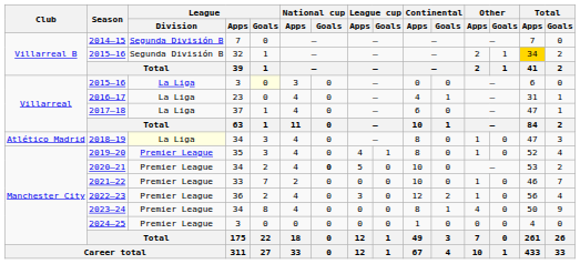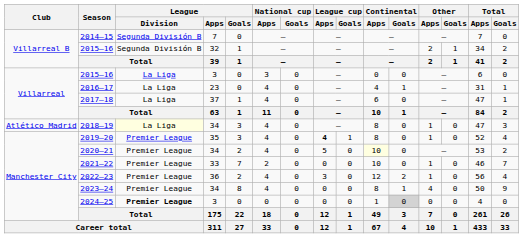 <table class="wikitable" style="text-align: center;">
 <tr>
 <th rowspan="2">Club</th>
 <th rowspan="2">Season</th>
 <th colspan="3">League</th>
 <th colspan="2">National cup</th>
 <th colspan="2">League cup</th>
 <th colspan="2">Continental</th>
 <th colspan="2">Other</th>
 <th colspan="2">Total</th>
 </tr>
 <tr>
 <th>Division</th>
 <th>Apps</th>
 <th>Goals</th>
 <th>Apps</th>
 <th>Goals</th>
 <th>Apps</th>
 <th>Goals</th>
 <th>Apps</th>
 <th>Goals</th>
 <th>Apps</th>
 <th>Goals</th>
 <th>Apps</th>
 <th>Goals</th>
 </tr>
 <tr>
 <td rowspan="3"><a href='#'>Villarreal B</a></td>
 <td><a href='#'>2014–15</a></td>
 <td><a href='#'>Segunda División B</a></td>
 <td>7</td>
 <td>0</td>
 <td colspan="2">—</td>
 <td colspan="2">—</td>
 <td colspan="2">—</td>
 <td colspan="2">—</td>
 <td>7</td>
 <td>0</td>
 </tr>
 <tr>
 <td><a href='#'>2015–16</a></td>
 <td>Segunda División B</td>
 <td>32</td>
 <td>1</td>
 <td colspan="2">—</td>
 <td colspan="2">—</td>
 <td colspan="2">—</td>
 <td>2</td>
 <td>1</td>
-<td style="background: gold;">34</td>
+<td>34</td>
 <td>2</td>
 </tr>
 <tr>
 <th colspan="2">Total</th>
 <th>39</th>
 <th>1</th>
 <th colspan="2">—</th>
 <th colspan="2">—</th>
 <th colspan="2">—</th>
 <th>2</th>
 <th>1</th>
 <th>41</th>
 <th>2</th>
 </tr>
 <tr>
 <td rowspan="4"><a href='#'>Villarreal</a></td>
 <td><a href='#'>2015–16</a></td>
 <td><a href='#'>La Liga</a></td>
 <td>3</td>
-<td style="background: lightyellow;">0</td>
+<td>0</td>
 <td>3</td>
 <td>0</td>
 <td colspan="2">—</td>
 <td>0</td>
 <td>0</td>
 <td colspan="2">—</td>
 <td>6</td>
 <td>0</td>
 </tr>
 <tr>
 <td><a href='#'>2016–17</a></td>
 <td>La Liga</td>
 <td>23</td>
 <td>0</td>
 <td>4</td>
 <td>0</td>
 <td colspan="2">—</td>
 <td>4</td>
 <td>1</td>
 <td colspan="2">—</td>
 <td>31</td>
 <td>1</td>
 </tr>
 <tr>
 <td><a href='#'>2017–18</a></td>
 <td>La Liga</td>
 <td>37</td>
 <td>1</td>
 <td>4</td>
 <td>0</td>
 <td colspan="2">—</td>
 <td>6</td>
 <td>0</td>
 <td colspan="2">—</td>
 <td>47</td>
 <td>1</td>
 </tr>
 <tr>
 <th colspan="2">Total</th>
 <th>63</th>
 <th>1</th>
 <th>11</th>
 <th>0</th>
 <th colspan="2">—</th>
 <th>10</th>
 <th>1</th>
 <th colspan="2">—</th>
 <th>84</th>
 <th>2</th>
 </tr>
 <tr>
 <td><a href='#'>Atlético Madrid</a></td>
 <td><a href='#'>2018–19</a></td>
 <td style="background: lightyellow;">La Liga</td>
 <td>34</td>
 <td>3</td>
 <td>4</td>
 <td>0</td>
 <td colspan="2">—</td>
 <td>8</td>
 <td>0</td>
 <td>1</td>
 <td>0</td>
 <td>47</td>
 <td>3</td>
 </tr>
 <tr>
 <td rowspan="7"><a href='#'>Manchester City</a></td>
 <td><a href='#'>2019–20</a></td>
 <td><a href='#'>Premier League</a></td>
 <td>35</td>
 <td>3</td>
 <td>4</td>
 <td>0</td>
-<td>4</td>
+<td><strong>4</strong></td>
 <td>1</td>
 <td>8</td>
 <td>0</td>
 <td>1</td>
 <td>0</td>
 <td>52</td>
 <td>4</td>
 </tr>
 <tr>
 <td><a href='#'>2020–21</a></td>
 <td>Premier League</td>
 <td>34</td>
 <td>2</td>
 <td>4</td>
-<td><strong>0</strong></td>
+<td>0</td>
 <td>5</td>
 <td>0</td>
-<td>10</td>
+<td style="background: lightyellow;">10</td>
 <td>0</td>
 <td colspan="2">—</td>
 <td>53</td>
 <td>2</td>
 </tr>
 <tr>
 <td><a href='#'>2021–22</a></td>
 <td>Premier League</td>
 <td>33</td>
 <td>7</td>
 <td>2</td>
 <td>0</td>
 <td>0</td>
 <td>0</td>
 <td>10</td>
 <td>0</td>
 <td>1</td>
 <td>0</td>
 <td>46</td>
 <td>7</td>
 </tr>
 <tr>
 <td><a href='#'>2022–23</a></td>
 <td>Premier League</td>
 <td>36</td>
 <td>2</td>
 <td>4</td>
 <td>0</td>
 <td>3</td>
 <td>0</td>
 <td>12</td>
 <td>2</td>
 <td>1</td>
 <td>0</td>
 <td>56</td>
 <td>4</td>
 </tr>
 <tr>
 <td><a href='#'>2023–24</a></td>
 <td>Premier League</td>
 <td>34</td>
 <td>8</td>
 <td>4</td>
 <td>0</td>
 <td>0</td>
 <td>0</td>
 <td>8</td>
 <td>1</td>
 <td>4</td>
 <td>0</td>
 <td>50</td>
 <td>9</td>
 </tr>
 <tr>
 <td><a href='#'>2024–25</a></td>
-<td>Premier League</td>
+<td><strong>Premier League</strong></td>
 <td>3</td>
 <td>0</td>
 <td>0</td>
 <td>0</td>
 <td>0</td>
 <td>0</td>
 <td>1</td>
-<td>0</td>
+<td style="background: lightgrey;">0</td>
 <td>0</td>
 <td>0</td>
 <td>4</td>
 <td>0</td>
 </tr>
 <tr>
 <th colspan="2">Total</th>
 <th>175</th>
 <th>22</th>
 <th>18</th>
 <th>0</th>
 <th>12</th>
 <th>1</th>
 <th>49</th>
 <th>3</th>
 <th>7</th>
 <th>0</th>
 <th>261</th>
 <th>26</th>
 </tr>
 <tr>
 <th colspan="3">Career total</th>
 <th>311</th>
 <th>27</th>
 <th>33</th>
 <th>0</th>
 <th>12</th>
 <th>1</th>
 <th>67</th>
 <th>4</th>
 <th>10</th>
 <th>1</th>
 <th>433</th>
 <th>33</th>
 </tr>
 </table>
